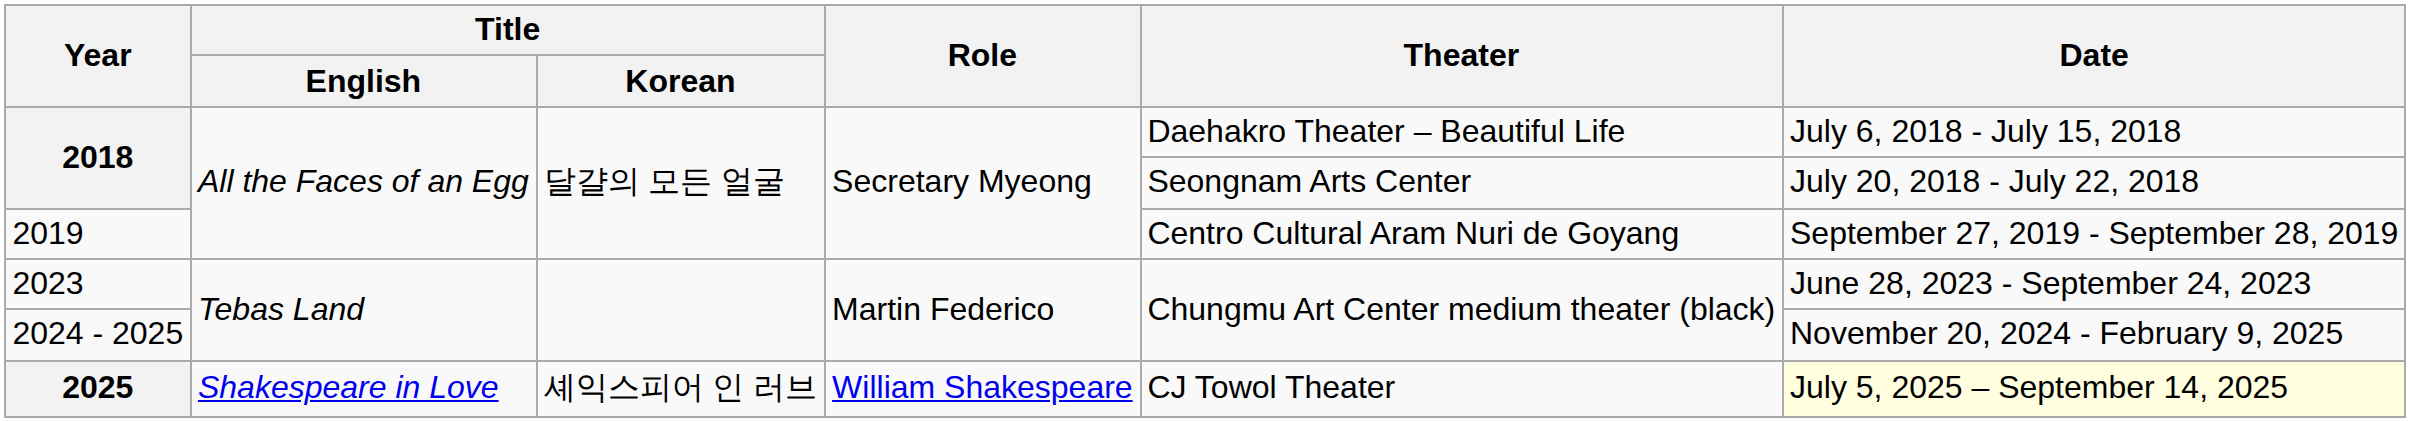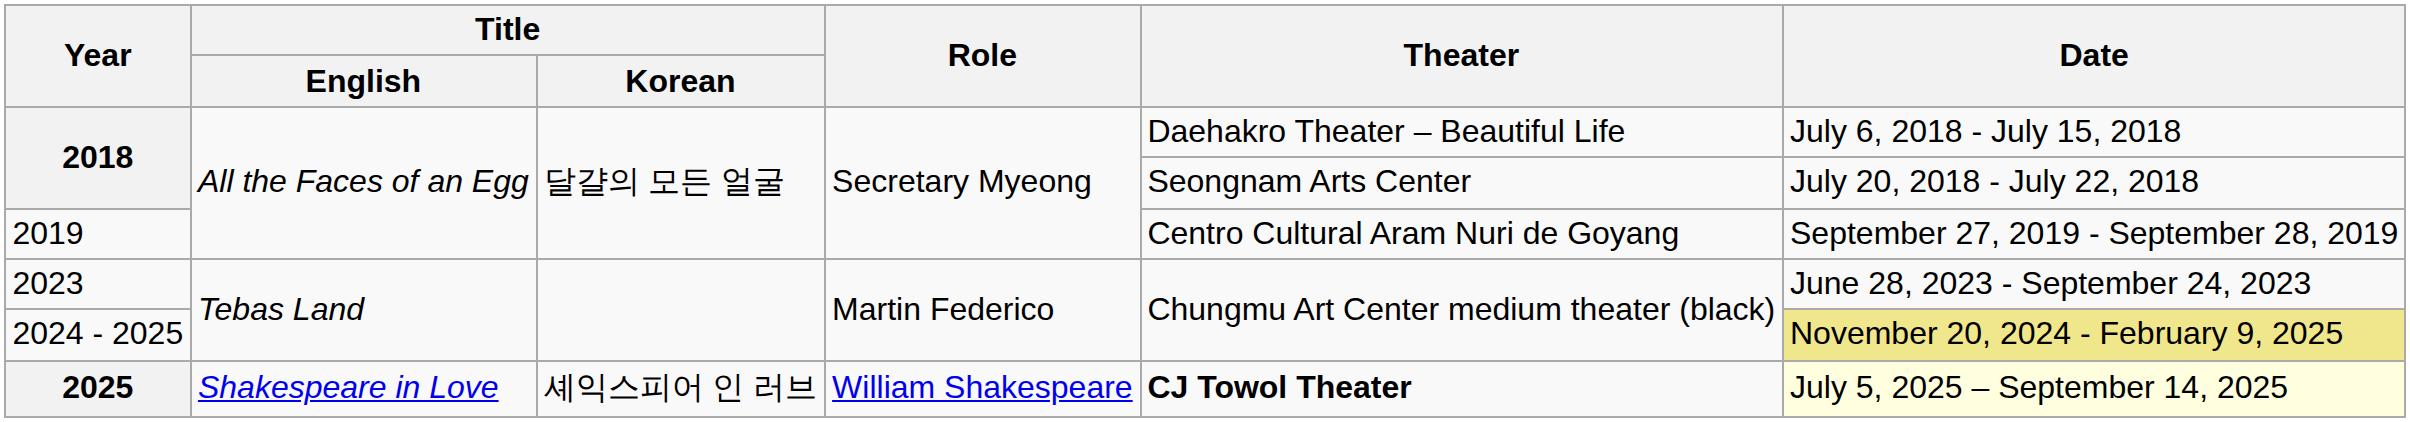 <table class="wikitable sortable plainrowheaders">
 <tr>
 <th rowspan="2" scope="col">Year</th>
 <th colspan="2" scope="col">Title</th>
 <th rowspan="2" scope="col">Role</th>
 <th rowspan="2" scope="col">Theater</th>
 <th rowspan="2" scope="col" class="sortable">Date</th>
 </tr>
 <tr>
 <th>English</th>
 <th>Korean</th>
 </tr>
 <tr>
 <th rowspan="2" scope="row">2018</th>
 <td rowspan="3"><em>All the Faces of an Egg</em></td>
 <td rowspan="3">달걀의 모든 얼굴</td>
 <td rowspan="3">Secretary Myeong</td>
 <td>Daehakro Theater – Beautiful Life</td>
 <td>July 6, 2018 - July 15, 2018</td>
 </tr>
 <tr>
 <td>Seongnam Arts Center</td>
 <td>July 20, 2018 - July 22, 2018</td>
 </tr>
 <tr>
 <td>2019</td>
 <td>Centro Cultural Aram Nuri de Goyang</td>
 <td>September 27, 2019 - September 28, 2019</td>
 </tr>
 <tr>
 <td>2023</td>
 <td rowspan="2"><em>Tebas Land</em></td>
 <td rowspan="2"></td>
 <td rowspan="2">Martin Federico</td>
 <td rowspan="2">Chungmu Art Center medium theater (black)</td>
 <td>June 28, 2023 - September 24, 2023</td>
 </tr>
 <tr>
 <td>2024 - 2025</td>
-<td>November 20, 2024 - February 9, 2025</td>
+<td style="background: khaki;">November 20, 2024 - February 9, 2025</td>
 </tr>
 <tr>
 <th scope="row" rowspan="4">2025</th>
 <td rowspan="4"><em><a href='#'>Shakespeare in Love</a></em></td>
 <td rowspan="4">셰익스피어 인 러브</td>
 <td rowspan="4"><a href='#'>William Shakespeare</a></td>
-<td>CJ Towol Theater</td>
+<td><strong>CJ Towol Theater</strong></td>
 <td style="background: lightyellow;">July 5, 2025 – September 14, 2025 </td>
 </tr>
 </table>
